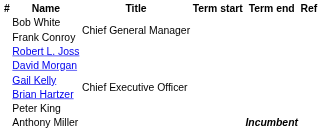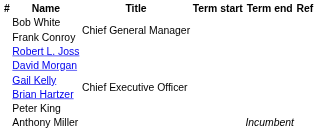 <table>
 <tr>
 <th>#</th>
 <th>Name</th>
 <th>Title</th>
 <th>Term start</th>
 <th>Term end</th>
 <th>Ref</th>
 </tr>
 <tr>
 <td></td>
 <td>Bob White </td>
 <td rowspan=2>Chief General Manager</td>
 <td align="center"></td>
 <td align=center></td>
 <td align=right></td>
 </tr>
 <tr>
 <td></td>
 <td>Frank Conroy </td>
 <td align=center></td>
 <td align=center></td>
 <td align=right></td>
 </tr>
 <tr>
 <td></td>
 <td><a href='#'>Robert L. Joss</a> </td>
 <td rowspan=6>Chief Executive Officer</td>
 <td align="center"></td>
 <td align=center></td>
 <td align=right></td>
 </tr>
 <tr>
 <td></td>
 <td><a href='#'>David Morgan</a> </td>
 <td align=center></td>
 <td align=center></td>
 <td align=right></td>
 </tr>
 <tr>
 <td></td>
 <td><a href='#'>Gail Kelly</a></td>
 <td align=center></td>
 <td align=center></td>
 <td align=right></td>
 </tr>
 <tr>
 <td></td>
 <td><a href='#'>Brian Hartzer</a></td>
 <td align=center></td>
 <td align=center></td>
 <td align=right></td>
 </tr>
 <tr>
 <td></td>
 <td>Peter King</td>
 <td align=center></td>
 <td align=center></td>
 <td align="right"></td>
 </tr>
 <tr>
 <td></td>
 <td>Anthony Miller</td>
 <td align=center></td>
-<td align=center><strong><em>Incumbent</em></strong></td>
+<td align=center><em>Incumbent</em></td>
 <td align=right></td>
 <td></td>
 </tr>
 </table>
